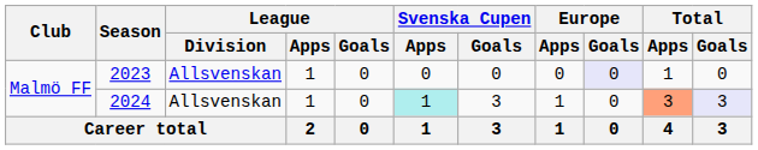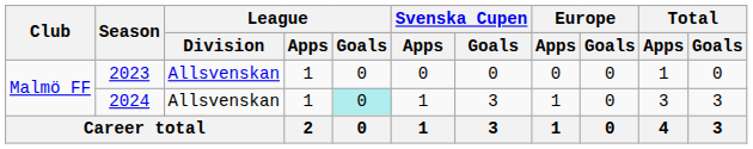 <table class="wikitable" style="text-align: center;">
 <tr>
 <th rowspan="2">Club</th>
 <th rowspan="2">Season</th>
 <th colspan="3">League</th>
 <th colspan="2"><a href='#'>Svenska Cupen</a></th>
 <th colspan="2">Europe</th>
 <th colspan="2">Total</th>
 </tr>
 <tr>
 <th>Division</th>
 <th>Apps</th>
 <th>Goals</th>
 <th>Apps</th>
 <th>Goals</th>
 <th>Apps</th>
 <th>Goals</th>
 <th>Apps</th>
 <th>Goals</th>
 </tr>
 <tr>
 <td rowspan="2"><a href='#'>Malmö FF</a></td>
 <td><a href='#'>2023</a></td>
 <td><a href='#'>Allsvenskan</a></td>
 <td>1</td>
 <td>0</td>
 <td>0</td>
 <td>0</td>
 <td>0</td>
-<td style="background: lavender;">0</td>
+<td>0</td>
 <td>1</td>
 <td>0</td>
 </tr>
 <tr>
 <td><a href='#'>2024</a></td>
 <td>Allsvenskan</td>
 <td>1</td>
-<td>0</td>
-<td style="background: paleturquoise;">1</td>
+<td style="background: paleturquoise;">0</td>
+<td>1</td>
 <td>3</td>
 <td>1</td>
 <td>0</td>
-<td style="background: lightsalmon;">3</td>
-<td style="background: lavender;">3</td>
+<td>3</td>
+<td>3</td>
 </tr>
 <tr>
 <th colspan="3">Career total</th>
 <th>2</th>
 <th>0</th>
 <th>1</th>
 <th>3</th>
 <th>1</th>
 <th>0</th>
 <th>4</th>
 <th>3</th>
 </tr>
 </table>
